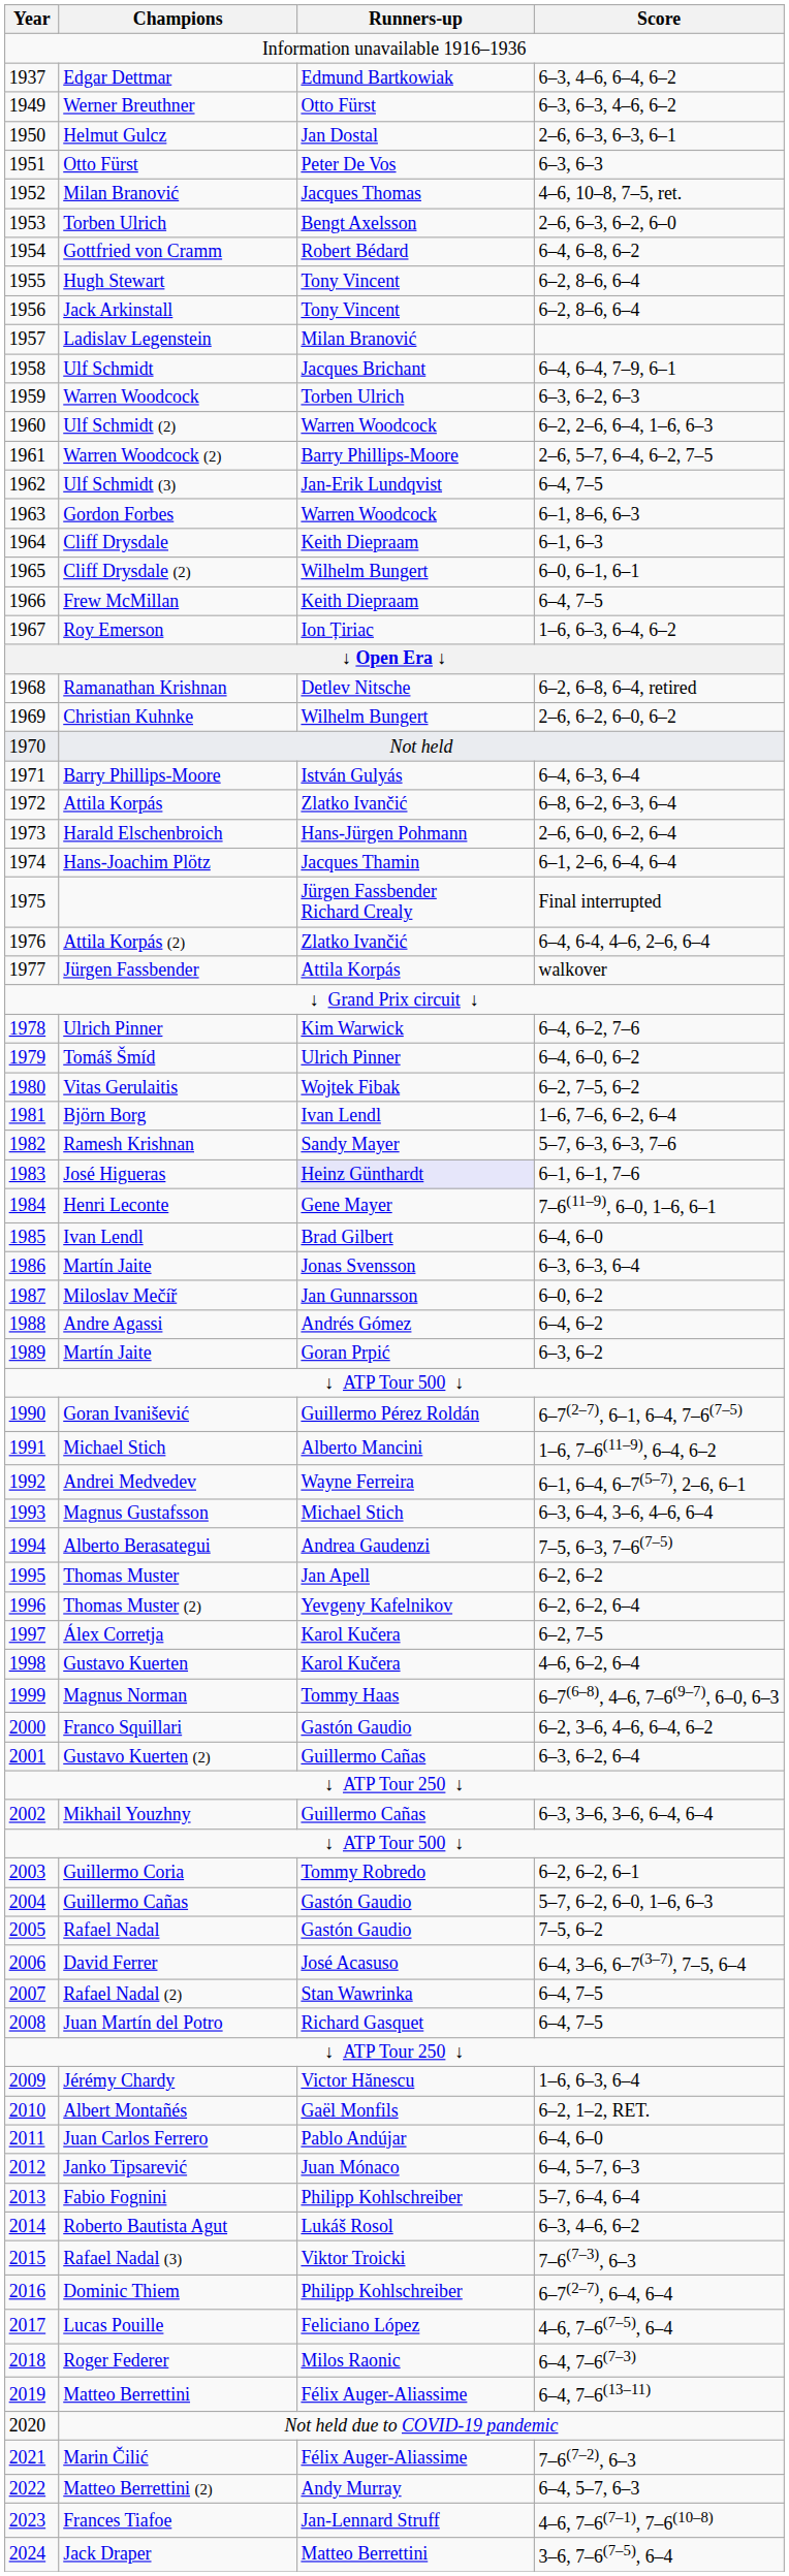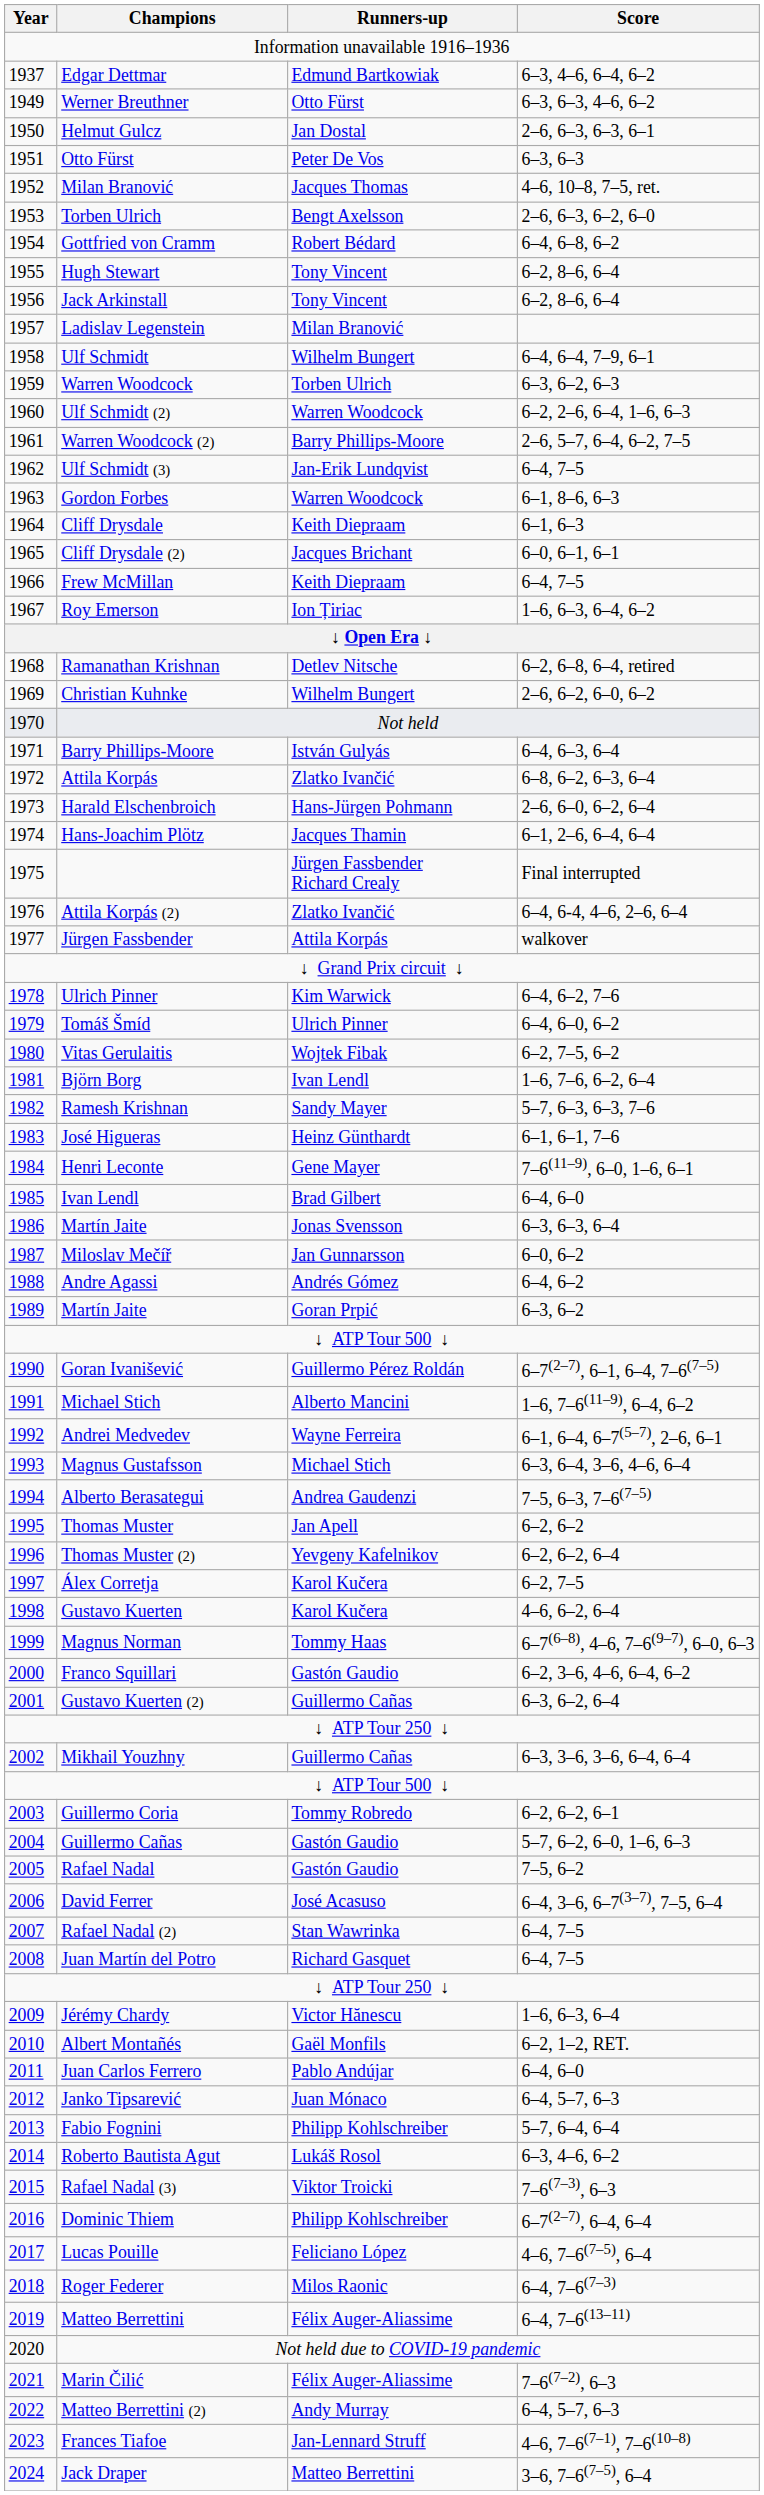 <table class="wikitable">
 <tr>
 <th style="width:40px">Year</th>
 <th style="width:200px">Champions</th>
 <th style="width:200px">Runners-up</th>
 <th style="width:210px" class="unsortable">Score</th>
 </tr>
 <tr>
 <td colspan="4" style="text-align:center">Information unavailable 1916–1936</td>
 </tr>
 <tr>
 <td>1937</td>
 <td> <a href='#'>Edgar Dettmar</a></td>
 <td> <a href='#'>Edmund Bartkowiak</a></td>
 <td>6–3, 4–6, 6–4, 6–2</td>
 </tr>
 <tr>
 <td>1949</td>
 <td> <a href='#'>Werner Breuthner</a></td>
 <td> <a href='#'>Otto Fürst</a></td>
 <td>6–3, 6–3, 4–6, 6–2</td>
 </tr>
 <tr>
 <td>1950</td>
 <td> <a href='#'>Helmut Gulcz</a></td>
 <td> <a href='#'>Jan Dostal</a></td>
 <td>2–6, 6–3, 6–3, 6–1</td>
 </tr>
 <tr>
 <td>1951</td>
 <td> <a href='#'>Otto Fürst</a></td>
 <td> <a href='#'>Peter De Vos</a></td>
 <td>6–3, 6–3</td>
 </tr>
 <tr>
 <td>1952</td>
 <td> <a href='#'>Milan Branović</a></td>
 <td> <a href='#'>Jacques Thomas</a></td>
 <td>4–6, 10–8, 7–5, ret.</td>
 </tr>
 <tr>
 <td>1953</td>
 <td> <a href='#'>Torben Ulrich</a></td>
 <td> <a href='#'>Bengt Axelsson</a></td>
 <td>2–6, 6–3, 6–2, 6–0</td>
 </tr>
 <tr>
 <td>1954</td>
 <td> <a href='#'>Gottfried von Cramm</a></td>
 <td> <a href='#'>Robert Bédard</a></td>
 <td>6–4, 6–8, 6–2</td>
 </tr>
 <tr>
 <td>1955</td>
 <td> <a href='#'>Hugh Stewart</a></td>
 <td> <a href='#'>Tony Vincent</a></td>
 <td>6–2, 8–6, 6–4</td>
 </tr>
 <tr>
 <td>1956</td>
 <td> <a href='#'>Jack Arkinstall</a></td>
 <td> <a href='#'>Tony Vincent</a></td>
 <td>6–2, 8–6, 6–4</td>
 </tr>
 <tr>
 <td>1957</td>
 <td> <a href='#'>Ladislav Legenstein</a></td>
 <td> <a href='#'>Milan Branović</a></td>
 <td></td>
 </tr>
 <tr>
 <td>1958</td>
 <td> <a href='#'>Ulf Schmidt</a></td>
-<td> <a href='#'>Jacques Brichant</a></td>
+<td> <a href='#'>Wilhelm Bungert</a></td>
 <td>6–4, 6–4, 7–9, 6–1</td>
 </tr>
 <tr>
 <td>1959</td>
 <td> <a href='#'>Warren Woodcock</a></td>
 <td> <a href='#'>Torben Ulrich</a></td>
 <td>6–3, 6–2, 6–3</td>
 </tr>
 <tr>
 <td>1960</td>
 <td> <a href='#'>Ulf Schmidt</a> <small>(2)</small></td>
 <td> <a href='#'>Warren Woodcock</a></td>
 <td>6–2, 2–6, 6–4, 1–6, 6–3</td>
 </tr>
 <tr>
 <td>1961</td>
 <td> <a href='#'>Warren Woodcock</a> <small>(2)</small></td>
 <td> <a href='#'>Barry Phillips-Moore</a></td>
 <td>2–6, 5–7, 6–4, 6–2, 7–5</td>
 </tr>
 <tr>
 <td>1962</td>
 <td> <a href='#'>Ulf Schmidt</a> <small>(3)</small></td>
 <td> <a href='#'>Jan-Erik Lundqvist</a></td>
 <td>6–4, 7–5</td>
 </tr>
 <tr>
 <td>1963</td>
 <td> <a href='#'>Gordon Forbes</a></td>
 <td> <a href='#'>Warren Woodcock</a></td>
 <td>6–1, 8–6, 6–3</td>
 </tr>
 <tr>
 <td>1964</td>
 <td> <a href='#'>Cliff Drysdale</a></td>
 <td> <a href='#'>Keith Diepraam</a></td>
 <td>6–1, 6–3</td>
 </tr>
 <tr>
 <td>1965</td>
 <td> <a href='#'>Cliff Drysdale</a> <small>(2)</small></td>
-<td> <a href='#'>Wilhelm Bungert</a></td>
+<td> <a href='#'>Jacques Brichant</a></td>
 <td>6–0, 6–1, 6–1</td>
 </tr>
 <tr>
 <td>1966</td>
 <td> <a href='#'>Frew McMillan</a></td>
 <td> <a href='#'>Keith Diepraam</a></td>
 <td>6–4, 7–5</td>
 </tr>
 <tr>
 <td>1967</td>
 <td> <a href='#'>Roy Emerson</a></td>
 <td> <a href='#'>Ion Țiriac</a></td>
 <td>1–6, 6–3, 6–4, 6–2</td>
 </tr>
 <tr>
 <th colspan=4 align=center>↓  <a href='#'>Open Era</a>  ↓</th>
 </tr>
 <tr>
 <td>1968</td>
 <td> <a href='#'>Ramanathan Krishnan</a></td>
 <td> <a href='#'>Detlev Nitsche</a></td>
 <td>6–2, 6–8, 6–4, retired</td>
 </tr>
 <tr>
 <td>1969</td>
 <td> <a href='#'>Christian Kuhnke</a></td>
 <td> <a href='#'>Wilhelm Bungert</a></td>
 <td>2–6, 6–2, 6–0, 6–2</td>
 </tr>
 <tr>
 <td style="background:#EAECF0">1970</td>
 <td colspan="3" style="background-color:#EAECF0;text-align:center"><em>Not held</em></td>
 </tr>
 <tr>
 <td>1971</td>
 <td> <a href='#'>Barry Phillips-Moore</a></td>
 <td> <a href='#'>István Gulyás</a></td>
 <td>6–4, 6–3, 6–4</td>
 </tr>
 <tr>
 <td>1972</td>
 <td> <a href='#'>Attila Korpás</a></td>
 <td> <a href='#'>Zlatko Ivančić</a></td>
 <td>6–8, 6–2, 6–3, 6–4</td>
 </tr>
 <tr>
 <td>1973</td>
 <td> <a href='#'>Harald Elschenbroich</a></td>
 <td> <a href='#'>Hans-Jürgen Pohmann</a></td>
 <td>2–6, 6–0, 6–2, 6–4</td>
 </tr>
 <tr>
 <td>1974</td>
 <td> <a href='#'>Hans-Joachim Plötz</a></td>
 <td> <a href='#'>Jacques Thamin</a></td>
 <td>6–1, 2–6, 6–4, 6–4</td>
 </tr>
 <tr>
 <td>1975</td>
 <td></td>
 <td> <a href='#'>Jürgen Fassbender</a> <br>  <a href='#'>Richard Crealy</a></td>
 <td>Final interrupted</td>
 </tr>
 <tr>
 <td>1976</td>
 <td> <a href='#'>Attila Korpás</a> <small>(2)</small></td>
 <td> <a href='#'>Zlatko Ivančić</a></td>
 <td>6–4, 6-4, 4–6, 2–6, 6–4</td>
 </tr>
 <tr>
 <td>1977</td>
 <td> <a href='#'>Jürgen Fassbender</a></td>
 <td> <a href='#'>Attila Korpás</a></td>
 <td>walkover</td>
 </tr>
 <tr>
 <td colspan=4 align=center>↓  <a href='#'>Grand Prix circuit</a>  ↓</td>
 </tr>
 <tr>
 <td><a href='#'>1978</a></td>
 <td> <a href='#'>Ulrich Pinner</a><br></td>
 <td> <a href='#'>Kim Warwick</a></td>
 <td>6–4, 6–2, 7–6</td>
 </tr>
 <tr>
 <td><a href='#'>1979</a></td>
 <td> <a href='#'>Tomáš Šmíd</a></td>
 <td> <a href='#'>Ulrich Pinner</a></td>
 <td>6–4, 6–0, 6–2</td>
 </tr>
 <tr>
 <td><a href='#'>1980</a></td>
 <td> <a href='#'>Vitas Gerulaitis</a></td>
 <td> <a href='#'>Wojtek Fibak</a></td>
 <td>6–2, 7–5, 6–2</td>
 </tr>
 <tr>
 <td><a href='#'>1981</a></td>
 <td> <a href='#'>Björn Borg</a></td>
 <td> <a href='#'>Ivan Lendl</a></td>
 <td>1–6, 7–6, 6–2, 6–4</td>
 </tr>
 <tr>
 <td><a href='#'>1982</a></td>
 <td> <a href='#'>Ramesh Krishnan</a></td>
 <td> <a href='#'>Sandy Mayer</a></td>
 <td>5–7, 6–3, 6–3, 7–6</td>
 </tr>
 <tr>
 <td><a href='#'>1983</a></td>
 <td> <a href='#'>José Higueras</a></td>
-<td style="background: lavender;"> <a href='#'>Heinz Günthardt</a></td>
+<td> <a href='#'>Heinz Günthardt</a></td>
 <td>6–1, 6–1, 7–6</td>
 </tr>
 <tr>
 <td><a href='#'>1984</a></td>
 <td> <a href='#'>Henri Leconte</a></td>
 <td> <a href='#'>Gene Mayer</a></td>
 <td>7–6<sup>(11–9)</sup>, 6–0, 1–6, 6–1</td>
 </tr>
 <tr>
 <td><a href='#'>1985</a></td>
 <td> <a href='#'>Ivan Lendl</a></td>
 <td> <a href='#'>Brad Gilbert</a></td>
 <td>6–4, 6–0</td>
 </tr>
 <tr>
 <td><a href='#'>1986</a></td>
 <td> <a href='#'>Martín Jaite</a></td>
 <td> <a href='#'>Jonas Svensson</a></td>
 <td>6–3, 6–3, 6–4</td>
 </tr>
 <tr>
 <td><a href='#'>1987</a></td>
 <td> <a href='#'>Miloslav Mečíř</a></td>
 <td> <a href='#'>Jan Gunnarsson</a></td>
 <td>6–0, 6–2</td>
 </tr>
 <tr>
 <td><a href='#'>1988</a></td>
 <td> <a href='#'>Andre Agassi</a></td>
 <td> <a href='#'>Andrés Gómez</a></td>
 <td>6–4, 6–2</td>
 </tr>
 <tr>
 <td><a href='#'>1989</a></td>
 <td> <a href='#'>Martín Jaite</a></td>
 <td> <a href='#'>Goran Prpić</a></td>
 <td>6–3, 6–2</td>
 </tr>
 <tr>
 <td colspan=4 align=center>↓  <a href='#'>ATP Tour 500</a>  ↓</td>
 </tr>
 <tr>
 <td><a href='#'>1990</a></td>
 <td> <a href='#'>Goran Ivanišević</a></td>
 <td> <a href='#'>Guillermo Pérez Roldán</a></td>
 <td>6–7<sup>(2–7)</sup>, 6–1, 6–4, 7–6<sup>(7–5)</sup></td>
 </tr>
 <tr>
 <td><a href='#'>1991</a></td>
 <td> <a href='#'>Michael Stich</a></td>
 <td> <a href='#'>Alberto Mancini</a></td>
 <td>1–6, 7–6<sup>(11–9)</sup>, 6–4, 6–2</td>
 </tr>
 <tr>
 <td><a href='#'>1992</a></td>
 <td> <a href='#'>Andrei Medvedev</a></td>
 <td> <a href='#'>Wayne Ferreira</a></td>
 <td>6–1, 6–4, 6–7<sup>(5–7)</sup>, 2–6, 6–1</td>
 </tr>
 <tr>
 <td><a href='#'>1993</a></td>
 <td> <a href='#'>Magnus Gustafsson</a></td>
 <td> <a href='#'>Michael Stich</a></td>
 <td>6–3, 6–4, 3–6, 4–6, 6–4</td>
 </tr>
 <tr>
 <td><a href='#'>1994</a></td>
 <td> <a href='#'>Alberto Berasategui</a></td>
 <td> <a href='#'>Andrea Gaudenzi</a></td>
 <td>7–5, 6–3, 7–6<sup>(7–5)</sup></td>
 </tr>
 <tr>
 <td><a href='#'>1995</a></td>
 <td> <a href='#'>Thomas Muster</a></td>
 <td> <a href='#'>Jan Apell</a></td>
 <td>6–2, 6–2</td>
 </tr>
 <tr>
 <td><a href='#'>1996</a></td>
 <td> <a href='#'>Thomas Muster</a> <small>(2)</small></td>
 <td> <a href='#'>Yevgeny Kafelnikov</a></td>
 <td>6–2, 6–2, 6–4</td>
 </tr>
 <tr>
 <td><a href='#'>1997</a></td>
 <td> <a href='#'>Álex Corretja</a></td>
 <td> <a href='#'>Karol Kučera</a></td>
 <td>6–2, 7–5</td>
 </tr>
 <tr>
 <td><a href='#'>1998</a></td>
 <td> <a href='#'>Gustavo Kuerten</a></td>
 <td> <a href='#'>Karol Kučera</a></td>
 <td>4–6, 6–2, 6–4</td>
 </tr>
 <tr>
 <td><a href='#'>1999</a></td>
 <td> <a href='#'>Magnus Norman</a></td>
 <td> <a href='#'>Tommy Haas</a></td>
 <td>6–7<sup>(6–8)</sup>, 4–6, 7–6<sup>(9–7)</sup>, 6–0, 6–3</td>
 </tr>
 <tr>
 <td><a href='#'>2000</a></td>
 <td> <a href='#'>Franco Squillari</a></td>
 <td> <a href='#'>Gastón Gaudio</a></td>
 <td>6–2, 3–6, 4–6, 6–4, 6–2</td>
 </tr>
 <tr>
 <td><a href='#'>2001</a></td>
 <td> <a href='#'>Gustavo Kuerten</a> <small>(2)</small></td>
 <td> <a href='#'>Guillermo Cañas</a></td>
 <td>6–3, 6–2, 6–4</td>
 </tr>
 <tr>
 <td colspan=4 align=center>↓  <a href='#'>ATP Tour 250</a>  ↓</td>
 </tr>
 <tr>
 <td><a href='#'>2002</a></td>
 <td> <a href='#'>Mikhail Youzhny</a></td>
 <td> <a href='#'>Guillermo Cañas</a></td>
 <td>6–3, 3–6, 3–6, 6–4, 6–4</td>
 </tr>
 <tr>
 <td colspan=4 align=center>↓  <a href='#'>ATP Tour 500</a>  ↓</td>
 </tr>
 <tr>
 <td><a href='#'>2003</a></td>
 <td> <a href='#'>Guillermo Coria</a></td>
 <td> <a href='#'>Tommy Robredo</a></td>
 <td>6–2, 6–2, 6–1</td>
 </tr>
 <tr>
 <td><a href='#'>2004</a></td>
 <td> <a href='#'>Guillermo Cañas</a></td>
 <td> <a href='#'>Gastón Gaudio</a></td>
 <td>5–7, 6–2, 6–0, 1–6, 6–3</td>
 </tr>
 <tr>
 <td><a href='#'>2005</a></td>
 <td> <a href='#'>Rafael Nadal</a></td>
 <td> <a href='#'>Gastón Gaudio</a></td>
 <td>7–5, 6–2</td>
 </tr>
 <tr>
 <td><a href='#'>2006</a></td>
 <td> <a href='#'>David Ferrer</a></td>
 <td> <a href='#'>José Acasuso</a></td>
 <td>6–4, 3–6, 6–7<sup>(3–7)</sup>, 7–5, 6–4</td>
 </tr>
 <tr>
 <td><a href='#'>2007</a></td>
 <td> <a href='#'>Rafael Nadal</a> <small>(2)</small></td>
 <td> <a href='#'>Stan Wawrinka</a></td>
 <td>6–4, 7–5</td>
 </tr>
 <tr>
 <td><a href='#'>2008</a></td>
 <td> <a href='#'>Juan Martín del Potro</a></td>
 <td> <a href='#'>Richard Gasquet</a></td>
 <td>6–4, 7–5</td>
 </tr>
 <tr>
 <td colspan=4 align=center>↓  <a href='#'>ATP Tour 250</a>  ↓</td>
 </tr>
 <tr>
 <td><a href='#'>2009</a></td>
 <td> <a href='#'>Jérémy Chardy</a></td>
 <td> <a href='#'>Victor Hănescu</a></td>
 <td>1–6, 6–3, 6–4</td>
 </tr>
 <tr>
 <td><a href='#'>2010</a></td>
 <td> <a href='#'>Albert Montañés</a></td>
 <td> <a href='#'>Gaël Monfils</a></td>
 <td>6–2, 1–2, RET.</td>
 </tr>
 <tr>
 <td><a href='#'>2011</a></td>
 <td> <a href='#'>Juan Carlos Ferrero</a></td>
 <td> <a href='#'>Pablo Andújar</a></td>
 <td>6–4, 6–0</td>
 </tr>
 <tr>
 <td><a href='#'>2012</a></td>
 <td> <a href='#'>Janko Tipsarević</a></td>
 <td> <a href='#'>Juan Mónaco</a></td>
 <td>6–4, 5–7, 6–3</td>
 </tr>
 <tr>
 <td><a href='#'>2013</a></td>
 <td> <a href='#'>Fabio Fognini</a></td>
 <td> <a href='#'>Philipp Kohlschreiber</a></td>
 <td>5–7, 6–4, 6–4</td>
 </tr>
 <tr>
 <td><a href='#'>2014</a></td>
 <td> <a href='#'>Roberto Bautista Agut</a></td>
 <td> <a href='#'>Lukáš Rosol</a></td>
 <td>6–3, 4–6, 6–2</td>
 </tr>
 <tr>
 <td><a href='#'>2015</a></td>
 <td> <a href='#'>Rafael Nadal</a> <small>(3)</small></td>
 <td> <a href='#'>Viktor Troicki</a></td>
 <td>7–6<sup>(7–3)</sup>, 6–3</td>
 </tr>
 <tr>
 <td><a href='#'>2016</a></td>
 <td> <a href='#'>Dominic Thiem</a></td>
 <td> <a href='#'>Philipp Kohlschreiber</a></td>
 <td>6–7<sup>(2–7)</sup>, 6–4, 6–4</td>
 </tr>
 <tr>
 <td><a href='#'>2017</a></td>
 <td> <a href='#'>Lucas Pouille</a></td>
 <td> <a href='#'>Feliciano López</a></td>
 <td>4–6, 7–6<sup>(7–5)</sup>, 6–4</td>
 </tr>
 <tr>
 <td><a href='#'>2018</a></td>
 <td> <a href='#'>Roger Federer</a></td>
 <td> <a href='#'>Milos Raonic</a></td>
 <td>6–4, 7–6<sup>(7–3)</sup></td>
 </tr>
 <tr>
 <td><a href='#'>2019</a></td>
 <td> <a href='#'>Matteo Berrettini</a></td>
 <td> <a href='#'>Félix Auger-Aliassime</a></td>
 <td>6–4, 7–6<sup>(13–11)</sup></td>
 </tr>
 <tr>
 <td style=background:>2020</td>
 <td colspan=3 align=center style=background:><em>Not held due to <a href='#'>COVID-19 pandemic</a></em></td>
 </tr>
 <tr>
 <td><a href='#'>2021</a></td>
 <td> <a href='#'>Marin Čilić</a></td>
 <td> <a href='#'>Félix Auger-Aliassime</a></td>
 <td>7–6<sup>(7–2)</sup>, 6–3</td>
 </tr>
 <tr>
 <td><a href='#'>2022</a></td>
 <td> <a href='#'>Matteo Berrettini</a> <small>(2)</small></td>
 <td> <a href='#'>Andy Murray</a></td>
 <td>6–4, 5–7, 6–3</td>
 </tr>
 <tr>
 <td><a href='#'>2023</a></td>
 <td> <a href='#'>Frances Tiafoe</a></td>
 <td> <a href='#'>Jan-Lennard Struff</a></td>
 <td>4–6, 7–6<sup>(7–1)</sup>, 7–6<sup>(10–8)</sup></td>
 </tr>
 <tr>
 <td><a href='#'>2024</a></td>
 <td> <a href='#'>Jack Draper</a></td>
 <td> <a href='#'>Matteo Berrettini</a></td>
 <td>3–6, 7–6<sup>(7–5)</sup>, 6–4</td>
 </tr>
 </table>
